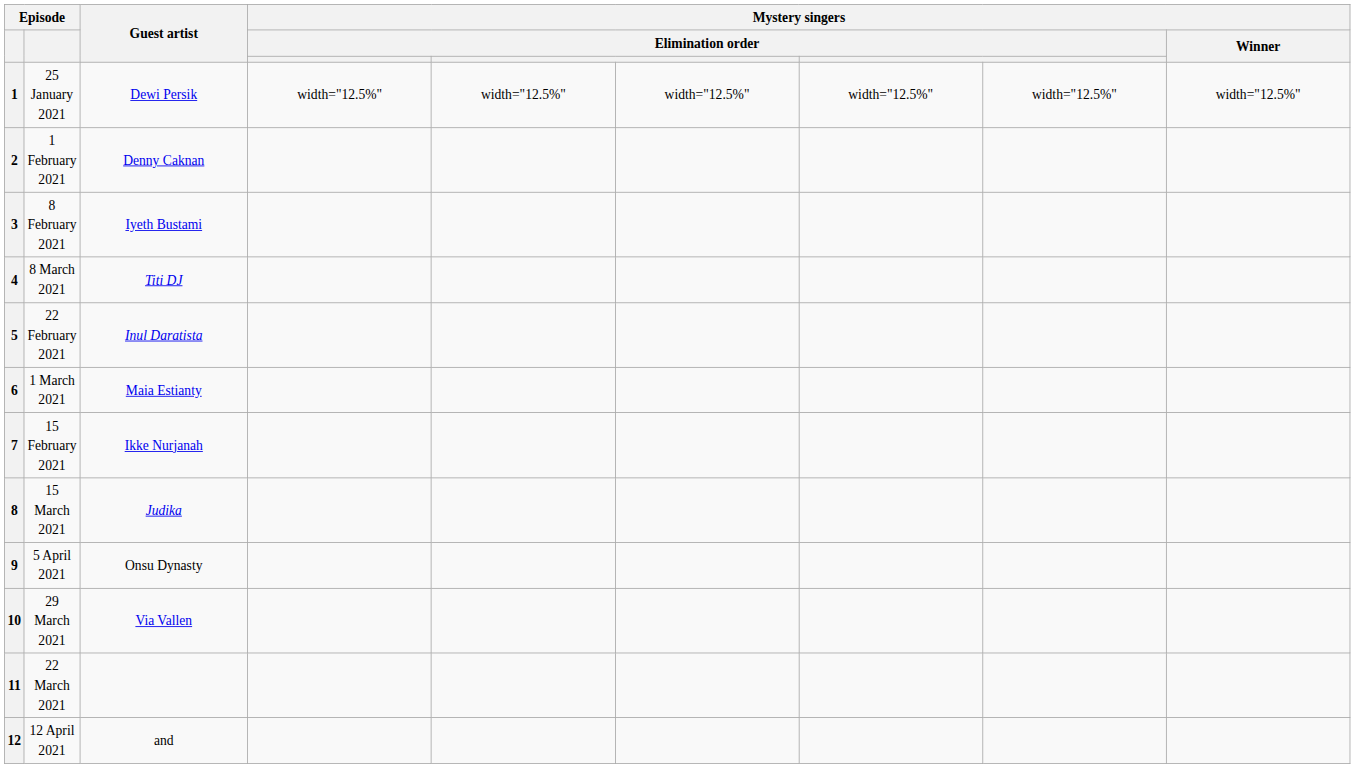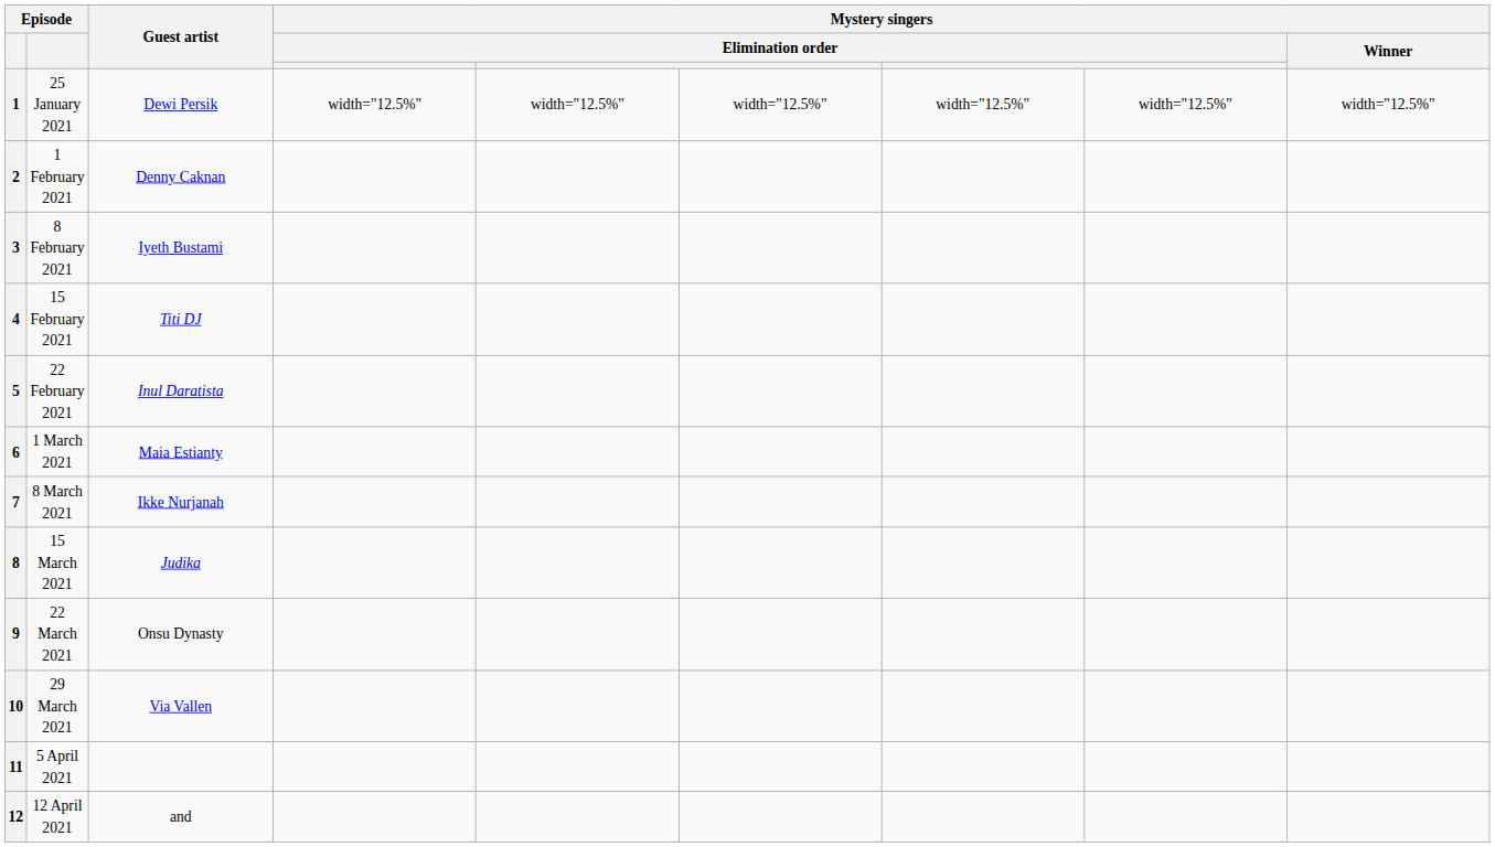 <table class="wikitable plainrowheaders mw-collapsible" style="text-align:center; line-height:23px; width:100%;">
 <tr>
 <th colspan="2" width="1%">Episode</th>
 <th rowspan="3" width="12.5%">Guest artist</th>
 <th colspan="6">Mystery singers<br></th>
 </tr>
 <tr>
 <th rowspan="2"></th>
 <th rowspan="2"></th>
 <th colspan="5">Elimination order</th>
 <th rowspan="2">Winner</th>
 </tr>
 <tr>
 <th></th>
 <th colspan="2"></th>
 <th colspan="2"></th>
 </tr>
 <tr>
 <th>1</th>
 <td>25 January 2021</td>
 <td><a href='#'>Dewi Persik</a></td>
 <td>width="12.5%" </td>
 <td>width="12.5%" </td>
 <td>width="12.5%" </td>
 <td>width="12.5%" </td>
 <td>width="12.5%" </td>
 <td>width="12.5%" </td>
 </tr>
 <tr>
 <th>2</th>
 <td>1 February 2021</td>
 <td><a href='#'>Denny Caknan</a></td>
 <td></td>
 <td></td>
 <td></td>
 <td></td>
 <td></td>
 <td></td>
 </tr>
 <tr>
 <th>3</th>
 <td>8 February 2021</td>
 <td><a href='#'>Iyeth Bustami</a></td>
 <td></td>
 <td></td>
 <td></td>
 <td></td>
 <td></td>
 <td></td>
 </tr>
 <tr>
 <th>4</th>
-<td>8 March 2021</td>
+<td>15 February 2021</td>
 <td><em><a href='#'>Titi DJ</a></em></td>
 <td></td>
 <td></td>
 <td></td>
 <td></td>
 <td></td>
 <td></td>
 </tr>
 <tr>
 <th>5</th>
 <td>22 February 2021</td>
 <td><em><a href='#'>Inul Daratista</a></em></td>
 <td></td>
 <td></td>
 <td></td>
 <td></td>
 <td></td>
 <td></td>
 </tr>
 <tr>
 <th>6</th>
 <td>1 March 2021</td>
 <td><a href='#'>Maia Estianty</a></td>
 <td></td>
 <td></td>
 <td></td>
 <td></td>
 <td></td>
 <td></td>
 </tr>
 <tr>
 <th>7</th>
-<td>15 February 2021</td>
+<td>8 March 2021</td>
 <td><a href='#'>Ikke Nurjanah</a></td>
 <td></td>
 <td></td>
 <td></td>
 <td></td>
 <td></td>
 <td></td>
 </tr>
 <tr>
 <th>8</th>
 <td>15 March 2021</td>
 <td><em><a href='#'>Judika</a></em></td>
 <td></td>
 <td></td>
 <td></td>
 <td></td>
 <td></td>
 <td></td>
 </tr>
 <tr>
 <th>9</th>
-<td>5 April 2021</td>
+<td>22 March 2021</td>
 <td>Onsu Dynasty<br></td>
 <td></td>
 <td></td>
 <td></td>
 <td></td>
 <td></td>
 <td></td>
 </tr>
 <tr>
 <th>10</th>
 <td>29 March 2021</td>
 <td><a href='#'>Via Vallen</a></td>
 <td></td>
 <td></td>
 <td></td>
 <td></td>
 <td></td>
 <td></td>
 </tr>
 <tr>
 <th>11</th>
-<td>22 March 2021</td>
+<td>5 April 2021</td>
 <td><em></em></td>
 <td></td>
 <td></td>
 <td></td>
 <td></td>
 <td></td>
 <td></td>
 </tr>
 <tr>
 <th>12</th>
 <td>12 April 2021</td>
 <td><em></em> and </td>
 <td></td>
 <td></td>
 <td></td>
 <td></td>
 <td></td>
 <td></td>
 </tr>
 </table>
